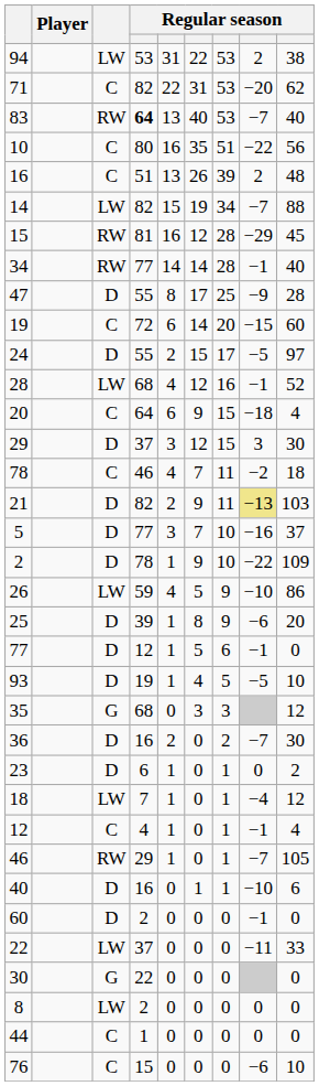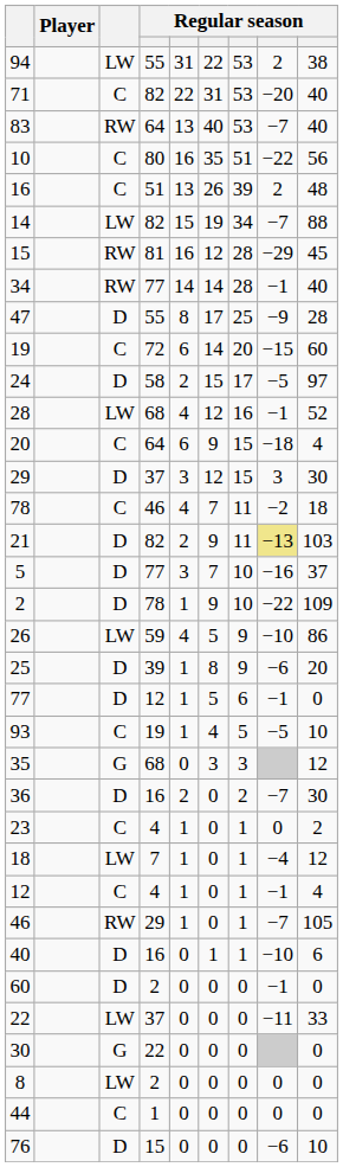 <table class="wikitable sortable plainrowheaders" style="text-align:center;">
 <tr>
 <th scope="col" data-sort-type="number" rowspan="2"></th>
 <th scope="col" rowspan="2">Player</th>
 <th scope="col" rowspan="2"></th>
 <th scope=colgroup colspan=6>Regular season</th>
 </tr>
 <tr>
 <th scope="col" data-sort-type="number"></th>
 <th scope="col" data-sort-type="number"></th>
 <th scope="col" data-sort-type="number"></th>
 <th scope="col" data-sort-type="number"></th>
 <th scope="col" data-sort-type="number"></th>
 <th scope="col" data-sort-type="number"></th>
 </tr>
 <tr>
 <td scope="row">94</td>
 <td align="left"></td>
 <td>LW</td>
-<td>53</td>
+<td>55</td>
 <td>31</td>
 <td>22</td>
 <td>53</td>
 <td>2</td>
 <td>38</td>
 </tr>
 <tr>
 <td scope="row">71</td>
 <td align="left"></td>
 <td>C</td>
 <td>82</td>
 <td>22</td>
 <td>31</td>
 <td>53</td>
 <td>−20</td>
-<td>62</td>
+<td>40</td>
 </tr>
 <tr>
 <td scope="row">83</td>
 <td align="left"></td>
 <td>RW</td>
-<td><strong>64</strong></td>
+<td>64</td>
 <td>13</td>
 <td>40</td>
 <td>53</td>
 <td>−7</td>
 <td>40</td>
 </tr>
 <tr>
 <td scope="row">10</td>
 <td align="left"></td>
 <td>C</td>
 <td>80</td>
 <td>16</td>
 <td>35</td>
 <td>51</td>
 <td>−22</td>
 <td>56</td>
 </tr>
 <tr>
 <td scope="row">16</td>
 <td align="left"></td>
 <td>C</td>
 <td>51</td>
 <td>13</td>
 <td>26</td>
 <td>39</td>
 <td>2</td>
 <td>48</td>
 </tr>
 <tr>
 <td scope="row">14</td>
 <td align="left"></td>
 <td>LW</td>
 <td>82</td>
 <td>15</td>
 <td>19</td>
 <td>34</td>
 <td>−7</td>
 <td>88</td>
 </tr>
 <tr>
 <td scope="row">15</td>
 <td align="left"></td>
 <td>RW</td>
 <td>81</td>
 <td>16</td>
 <td>12</td>
 <td>28</td>
 <td>−29</td>
 <td>45</td>
 </tr>
 <tr>
 <td scope="row">34</td>
 <td align="left"></td>
 <td>RW</td>
 <td>77</td>
 <td>14</td>
 <td>14</td>
 <td>28</td>
 <td>−1</td>
 <td>40</td>
 </tr>
 <tr>
 <td scope="row">47</td>
 <td align="left"></td>
 <td>D</td>
 <td>55</td>
 <td>8</td>
 <td>17</td>
 <td>25</td>
 <td>−9</td>
 <td>28</td>
 </tr>
 <tr>
 <td scope="row">19</td>
 <td align="left"></td>
 <td>C</td>
 <td>72</td>
 <td>6</td>
 <td>14</td>
 <td>20</td>
 <td>−15</td>
 <td>60</td>
 </tr>
 <tr>
 <td scope="row">24</td>
 <td align="left"></td>
 <td>D</td>
-<td>55</td>
+<td>58</td>
 <td>2</td>
 <td>15</td>
 <td>17</td>
 <td>−5</td>
 <td>97</td>
 </tr>
 <tr>
 <td scope="row">28</td>
 <td align="left"></td>
 <td>LW</td>
 <td>68</td>
 <td>4</td>
 <td>12</td>
 <td>16</td>
 <td>−1</td>
 <td>52</td>
 </tr>
 <tr>
 <td scope="row">20</td>
 <td align="left"></td>
 <td>C</td>
 <td>64</td>
 <td>6</td>
 <td>9</td>
 <td>15</td>
 <td>−18</td>
 <td>4</td>
 </tr>
 <tr>
 <td scope="row">29</td>
 <td align="left"></td>
 <td>D</td>
 <td>37</td>
 <td>3</td>
 <td>12</td>
 <td>15</td>
 <td>3</td>
 <td>30</td>
 </tr>
 <tr>
 <td scope="row">78</td>
 <td align="left"></td>
 <td>C</td>
 <td>46</td>
 <td>4</td>
 <td>7</td>
 <td>11</td>
 <td>−2</td>
 <td>18</td>
 </tr>
 <tr>
 <td scope="row">21</td>
 <td align="left"></td>
 <td>D</td>
 <td>82</td>
 <td>2</td>
 <td>9</td>
 <td>11</td>
 <td style="background: khaki;">−13</td>
 <td>103</td>
 </tr>
 <tr>
 <td scope="row">5</td>
 <td align="left"></td>
 <td>D</td>
 <td>77</td>
 <td>3</td>
 <td>7</td>
 <td>10</td>
 <td>−16</td>
 <td>37</td>
 </tr>
 <tr>
 <td scope="row">2</td>
 <td align="left"></td>
 <td>D</td>
 <td>78</td>
 <td>1</td>
 <td>9</td>
 <td>10</td>
 <td>−22</td>
 <td>109</td>
 </tr>
 <tr>
 <td scope="row">26</td>
 <td align="left"></td>
 <td>LW</td>
 <td>59</td>
 <td>4</td>
 <td>5</td>
 <td>9</td>
 <td>−10</td>
 <td>86</td>
 </tr>
 <tr>
 <td scope="row">25</td>
 <td align="left"></td>
 <td>D</td>
 <td>39</td>
 <td>1</td>
 <td>8</td>
 <td>9</td>
 <td>−6</td>
 <td>20</td>
 </tr>
 <tr>
 <td scope="row">77</td>
 <td align="left"></td>
 <td>D</td>
 <td>12</td>
 <td>1</td>
 <td>5</td>
 <td>6</td>
 <td>−1</td>
 <td>0</td>
 </tr>
 <tr>
 <td scope="row">93</td>
 <td align="left"></td>
-<td>D</td>
+<td>C</td>
 <td>19</td>
 <td>1</td>
 <td>4</td>
 <td>5</td>
 <td>−5</td>
 <td>10</td>
 </tr>
 <tr>
 <td scope="row">35</td>
 <td align="left"></td>
 <td>G</td>
 <td>68</td>
 <td>0</td>
 <td>3</td>
 <td>3</td>
 <td style="background:#ccc"></td>
 <td>12</td>
 </tr>
 <tr>
 <td scope="row">36</td>
 <td align="left"></td>
 <td>D</td>
 <td>16</td>
 <td>2</td>
 <td>0</td>
 <td>2</td>
 <td>−7</td>
 <td>30</td>
 </tr>
 <tr>
 <td scope="row">23</td>
 <td align="left"></td>
-<td>D</td>
-<td>6</td>
+<td>C</td>
+<td>4</td>
 <td>1</td>
 <td>0</td>
 <td>1</td>
 <td>0</td>
 <td>2</td>
 </tr>
 <tr>
 <td scope="row">18</td>
 <td align="left"></td>
 <td>LW</td>
 <td>7</td>
 <td>1</td>
 <td>0</td>
 <td>1</td>
 <td>−4</td>
 <td>12</td>
 </tr>
 <tr>
 <td scope="row">12</td>
 <td align="left"></td>
 <td>C</td>
 <td>4</td>
 <td>1</td>
 <td>0</td>
 <td>1</td>
 <td>−1</td>
 <td>4</td>
 </tr>
 <tr>
 <td scope="row">46</td>
 <td align="left"></td>
 <td>RW</td>
 <td>29</td>
 <td>1</td>
 <td>0</td>
 <td>1</td>
 <td>−7</td>
 <td>105</td>
 </tr>
 <tr>
 <td scope="row">40</td>
 <td align="left"></td>
 <td>D</td>
 <td>16</td>
 <td>0</td>
 <td>1</td>
 <td>1</td>
 <td>−10</td>
 <td>6</td>
 </tr>
 <tr>
 <td scope="row">60</td>
 <td align="left"></td>
 <td>D</td>
 <td>2</td>
 <td>0</td>
 <td>0</td>
 <td>0</td>
 <td>−1</td>
 <td>0</td>
 </tr>
 <tr>
 <td scope="row">22</td>
 <td align="left"></td>
 <td>LW</td>
 <td>37</td>
 <td>0</td>
 <td>0</td>
 <td>0</td>
 <td>−11</td>
 <td>33</td>
 </tr>
 <tr>
 <td scope="row">30</td>
 <td align="left"></td>
 <td>G</td>
 <td>22</td>
 <td>0</td>
 <td>0</td>
 <td>0</td>
 <td style="background:#ccc"></td>
 <td>0</td>
 </tr>
 <tr>
 <td scope="row">8</td>
 <td align="left"></td>
 <td>LW</td>
 <td>2</td>
 <td>0</td>
 <td>0</td>
 <td>0</td>
 <td>0</td>
 <td>0</td>
 </tr>
 <tr>
 <td scope="row">44</td>
 <td align="left"></td>
 <td>C</td>
 <td>1</td>
 <td>0</td>
 <td>0</td>
 <td>0</td>
 <td>0</td>
 <td>0</td>
 </tr>
 <tr>
 <td scope="row">76</td>
 <td align="left"></td>
-<td>C</td>
+<td>D</td>
 <td>15</td>
 <td>0</td>
 <td>0</td>
 <td>0</td>
 <td>−6</td>
 <td>10</td>
 </tr>
 </table>
